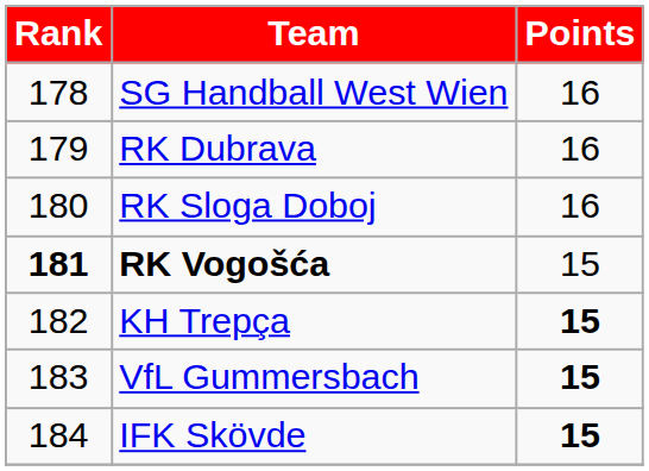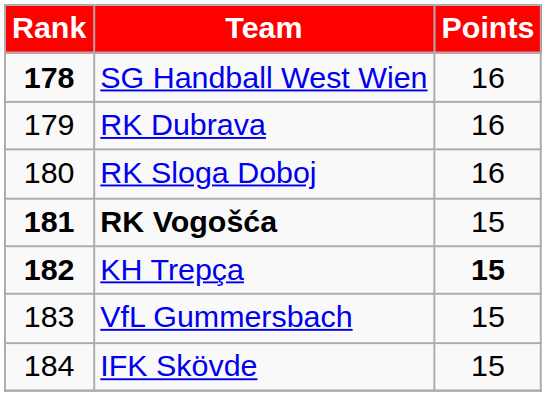 <table class="wikitable" style="text-align: center">
 <tr>
 <th style="color:#FFFFFF; background:#FF0000">Rank</th>
 <th style="color:#FFFFFF; background:#FF0000">Team</th>
 <th style="color:#FFFFFF; background:#FF0000">Points</th>
 </tr>
 <tr>
-<td>178</td>
+<td><strong>178</strong></td>
 <td align=left> <a href='#'>SG Handball West Wien</a></td>
 <td>16</td>
 </tr>
 <tr>
 <td>179</td>
 <td align=left> <a href='#'>RK Dubrava</a></td>
 <td>16</td>
 </tr>
 <tr>
 <td>180</td>
 <td align=left> <a href='#'>RK Sloga Doboj</a></td>
 <td>16</td>
 </tr>
 <tr>
 <td><strong>181</strong></td>
 <td align=left> <strong>RK Vogošća</strong></td>
 <td>15</td>
 </tr>
 <tr>
-<td>182</td>
+<td><strong>182</strong></td>
 <td align=left> <a href='#'>KH Trepça</a></td>
 <td><strong>15</strong></td>
 </tr>
 <tr>
 <td>183</td>
 <td align=left> <a href='#'>VfL Gummersbach</a></td>
-<td><strong>15</strong></td>
+<td>15</td>
 </tr>
 <tr>
 <td>184</td>
 <td align=left> <a href='#'>IFK Skövde</a></td>
-<td><strong>15</strong></td>
+<td>15</td>
 </tr>
 <tr>
 </tr>
 </table>
